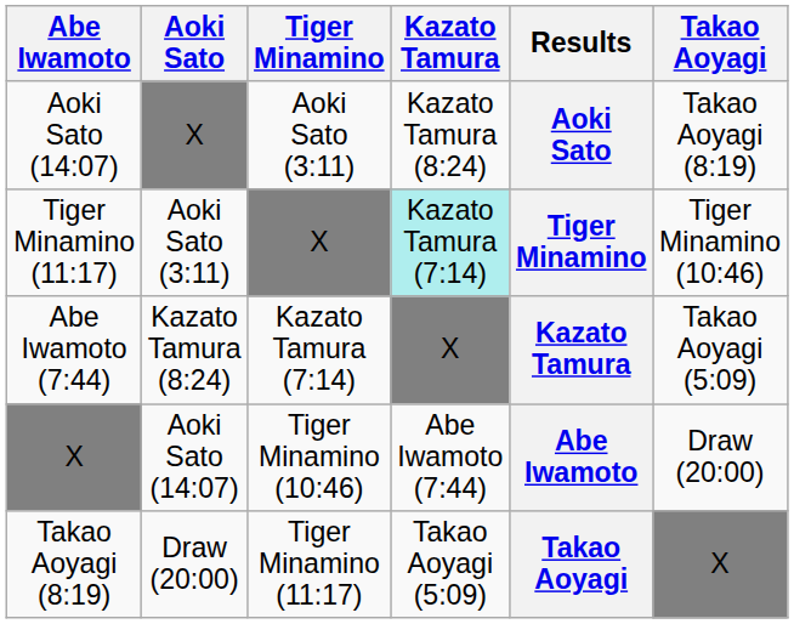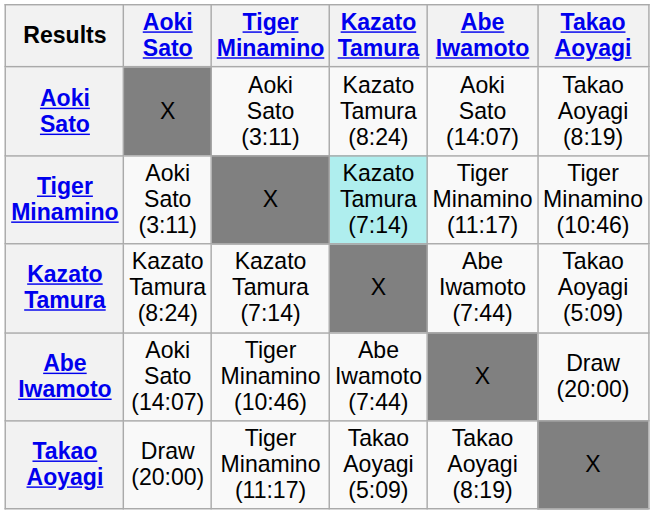 <table class="wikitable" style="text-align:center; margin: 1em auto 1em auto">
 <tr>
-<th><a href='#'>Abe</a><br><a href='#'>Iwamoto</a></th>
+<th>Results</th>
 <th><a href='#'>Aoki</a><br><a href='#'>Sato</a></th>
 <th><a href='#'>Tiger</a><br><a href='#'>Minamino</a></th>
 <th><a href='#'>Kazato</a><br><a href='#'>Tamura</a></th>
-<th>Results</th>
+<th><a href='#'>Abe</a><br><a href='#'>Iwamoto</a></th>
 <th><a href='#'>Takao</a><br><a href='#'>Aoyagi</a></th>
 </tr>
 <tr>
-<td>Aoki<br>Sato<br>(14:07)</td>
+<th><a href='#'>Aoki</a><br><a href='#'>Sato</a></th>
 <td bgcolor=grey>X</td>
 <td>Aoki<br>Sato<br>(3:11)</td>
 <td>Kazato<br>Tamura<br>(8:24)</td>
-<th><a href='#'>Aoki</a><br><a href='#'>Sato</a></th>
+<td>Aoki<br>Sato<br>(14:07)</td>
 <td>Takao<br>Aoyagi<br>(8:19)</td>
 </tr>
 <tr>
-<td>Tiger<br>Minamino<br>(11:17)</td>
+<th><a href='#'>Tiger</a><br><a href='#'>Minamino</a></th>
 <td>Aoki<br>Sato<br>(3:11)</td>
 <td bgcolor=grey>X</td>
 <td style="background: paleturquoise;">Kazato<br>Tamura<br>(7:14)</td>
-<th><a href='#'>Tiger</a><br><a href='#'>Minamino</a></th>
+<td>Tiger<br>Minamino<br>(11:17)</td>
 <td>Tiger<br>Minamino<br>(10:46)</td>
 </tr>
 <tr>
-<td>Abe<br>Iwamoto<br>(7:44)</td>
+<th><a href='#'>Kazato</a><br><a href='#'>Tamura</a></th>
 <td>Kazato<br>Tamura<br>(8:24)</td>
 <td>Kazato<br>Tamura<br>(7:14)</td>
 <td bgcolor=grey>X</td>
-<th><a href='#'>Kazato</a><br><a href='#'>Tamura</a></th>
+<td>Abe<br>Iwamoto<br>(7:44)</td>
 <td>Takao<br>Aoyagi<br>(5:09)</td>
 </tr>
 <tr>
-<td bgcolor=grey>X</td>
+<th><a href='#'>Abe</a><br><a href='#'>Iwamoto</a></th>
 <td>Aoki<br>Sato<br>(14:07)</td>
 <td>Tiger<br>Minamino<br>(10:46)</td>
 <td>Abe<br>Iwamoto<br>(7:44)</td>
-<th><a href='#'>Abe</a><br><a href='#'>Iwamoto</a></th>
+<td bgcolor=grey>X</td>
 <td>Draw<br>(20:00)</td>
 </tr>
 <tr>
-<td>Takao<br>Aoyagi<br>(8:19)</td>
+<th><a href='#'>Takao</a><br><a href='#'>Aoyagi</a></th>
 <td>Draw<br>(20:00)</td>
 <td>Tiger<br>Minamino<br>(11:17)</td>
 <td>Takao<br>Aoyagi<br>(5:09)</td>
-<th><a href='#'>Takao</a><br><a href='#'>Aoyagi</a></th>
+<td>Takao<br>Aoyagi<br>(8:19)</td>
 <td bgcolor=grey>X</td>
 </tr>
 </table>
